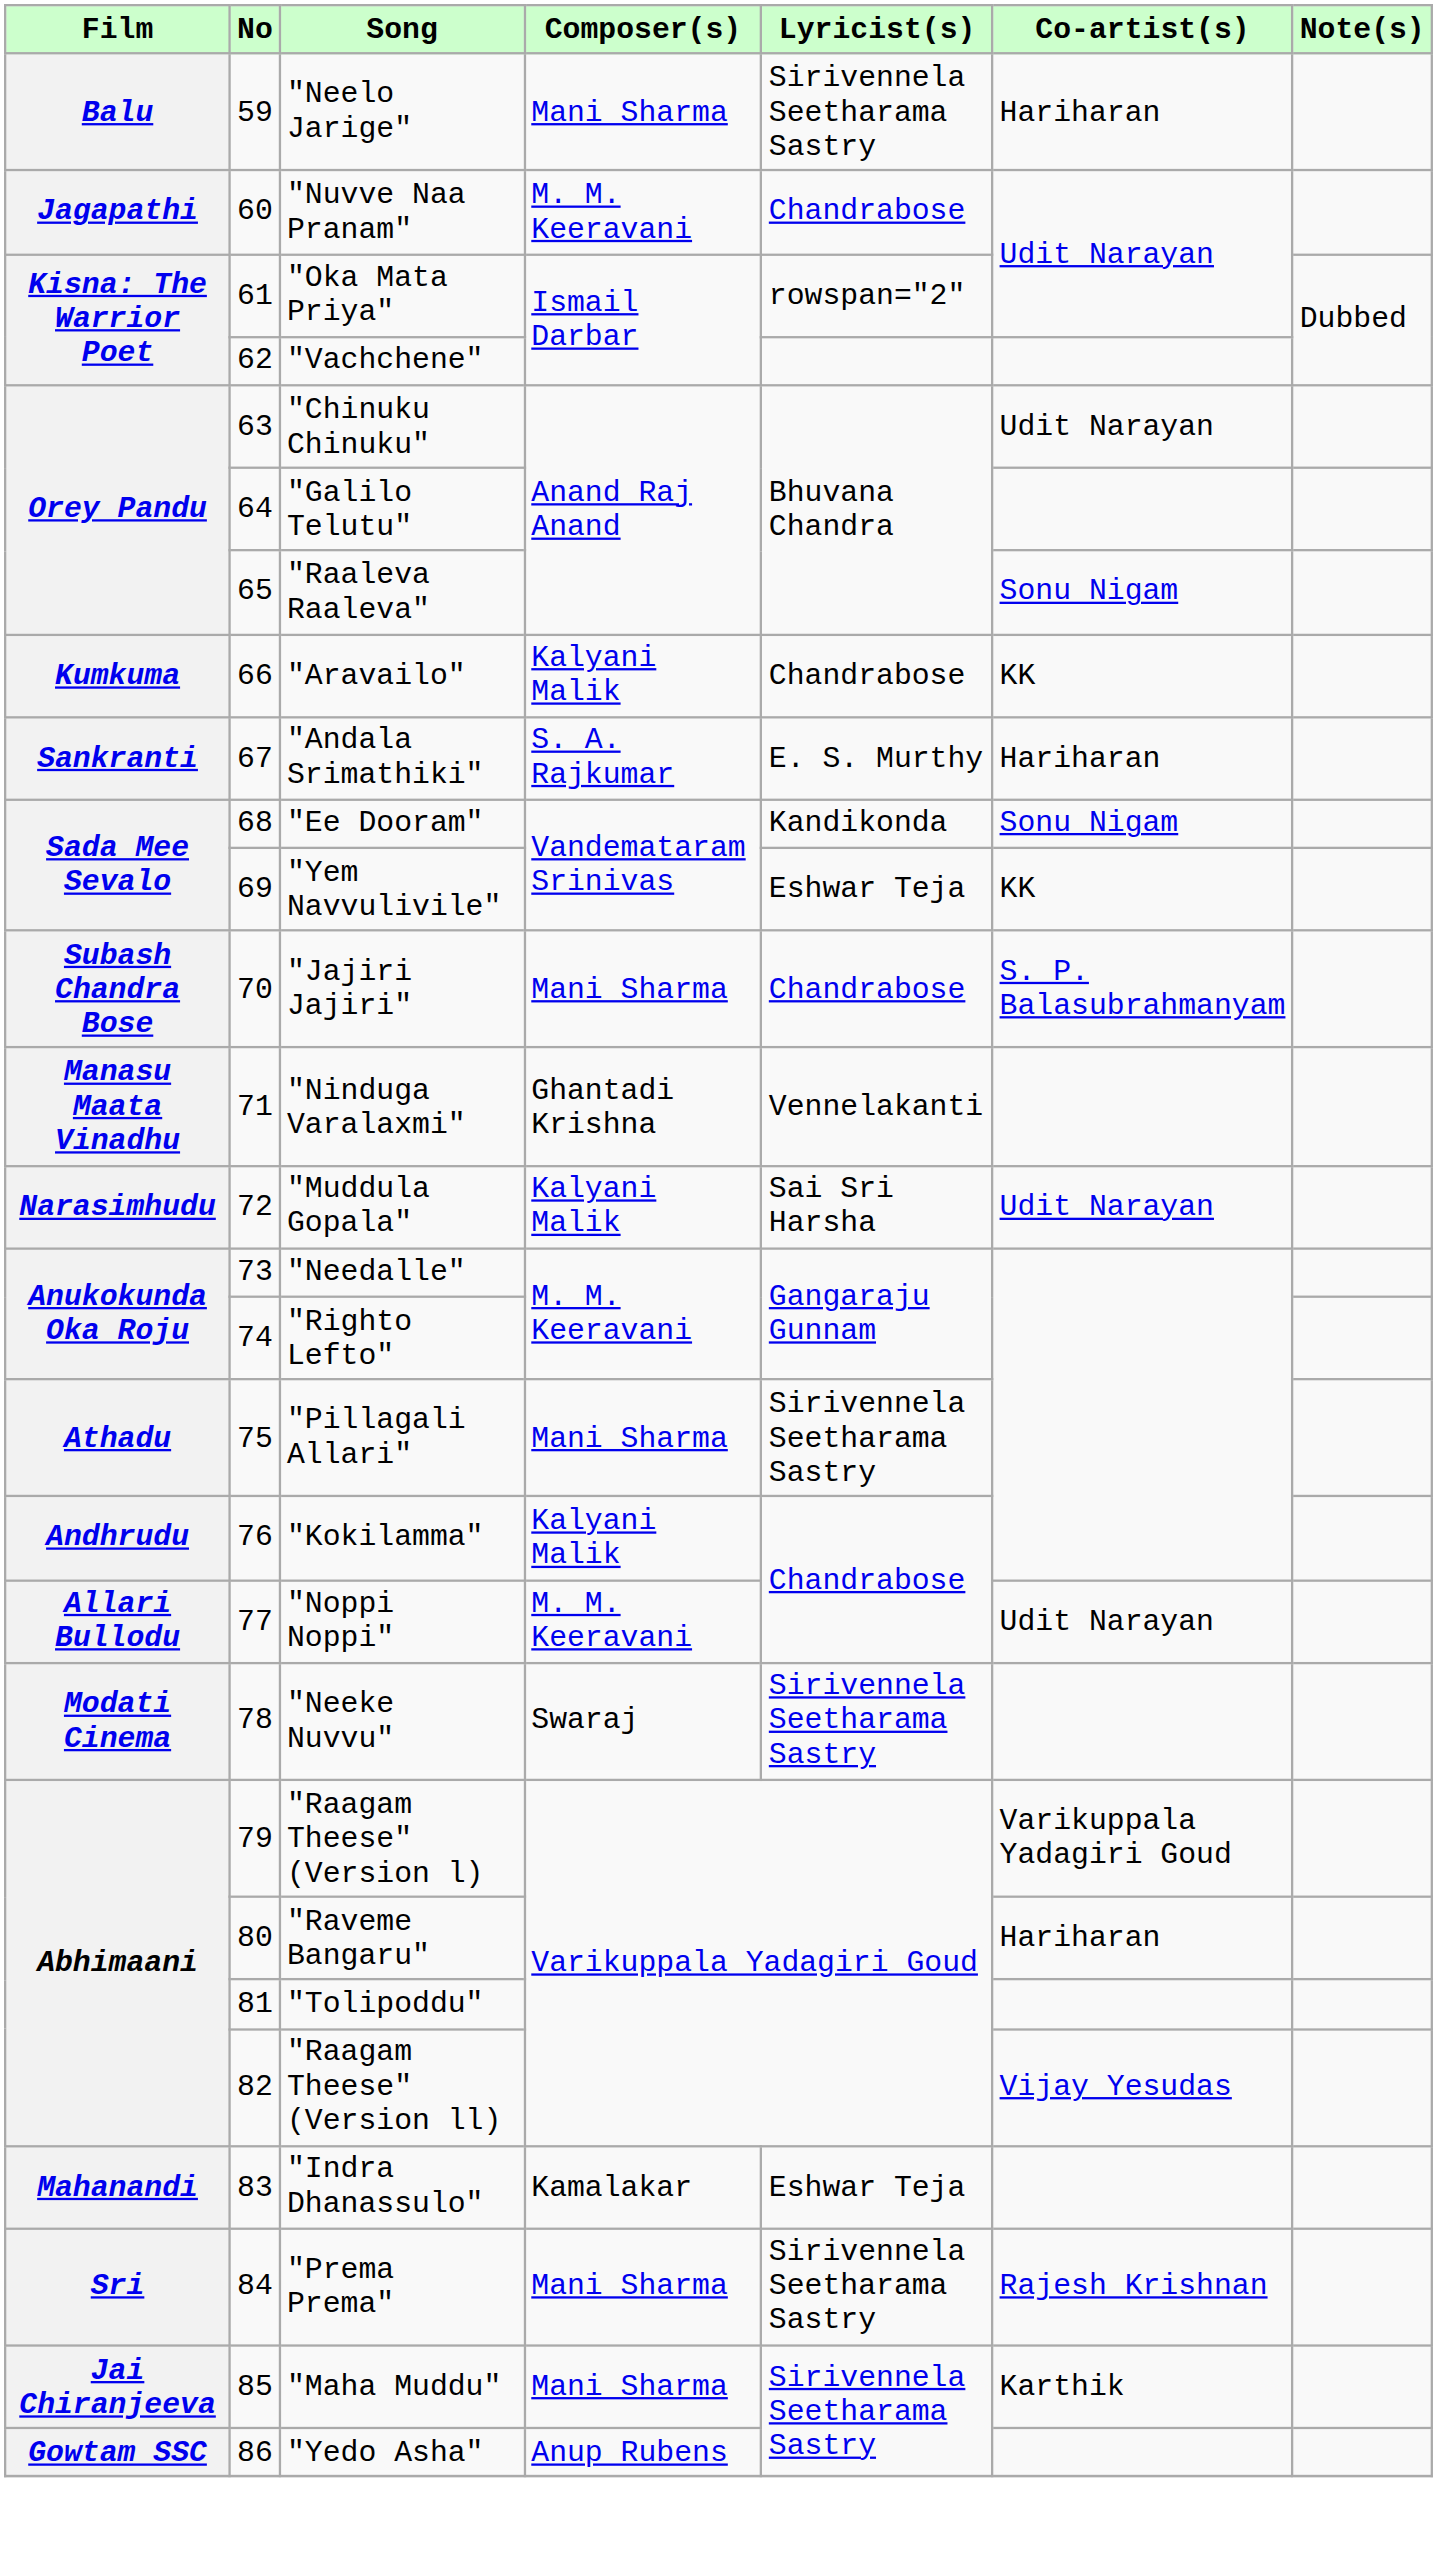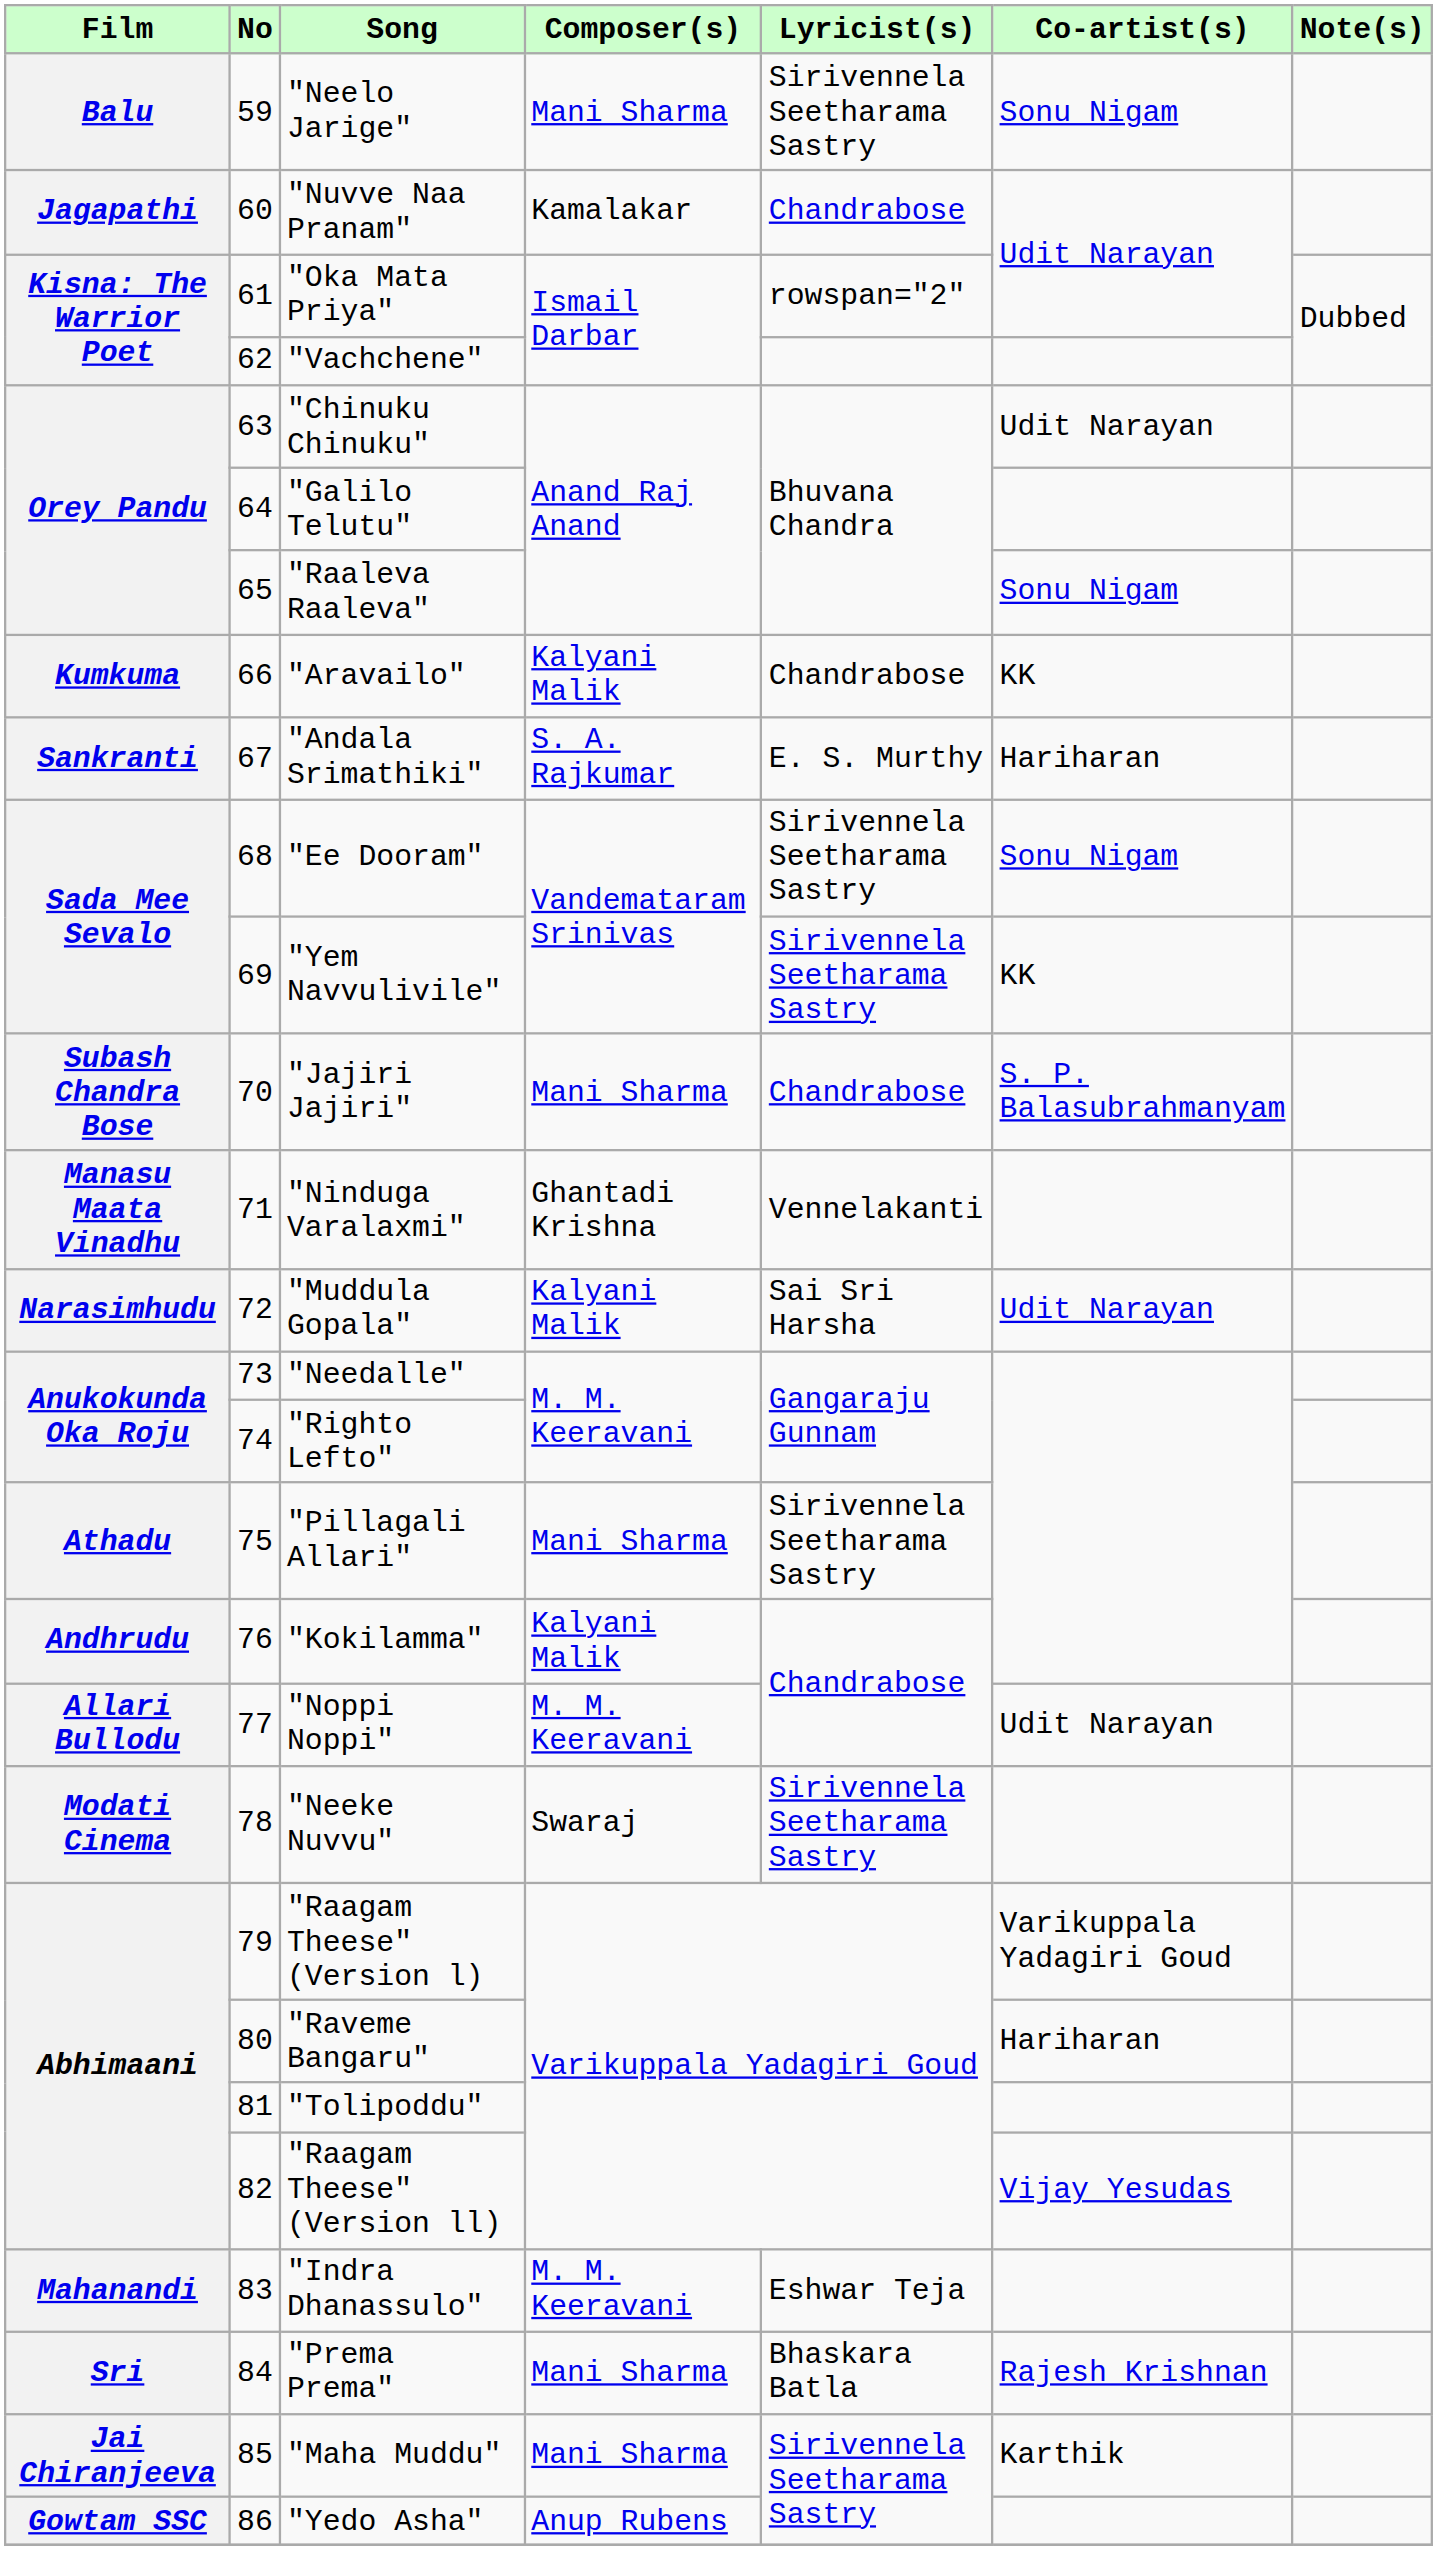 <table class="wikitable plainrowheaders" width="100%" "textcolor:#000;">
 <tr style="background:#cfc; text-align:center;">
 <td scope="col" width=21%><strong>Film</strong></td>
 <td><strong>No</strong></td>
 <td scope="col" width=23%><strong>Song</strong></td>
 <td scope="col" width=20%><strong>Composer(s)</strong></td>
 <td scope="col" width=17%><strong>Lyricist(s)</strong></td>
 <td scope="col" width=18%><strong>Co-artist(s)</strong></td>
 <td><strong>Note(s)</strong></td>
 </tr>
 <tr>
 <th><em><a href='#'>Balu</a></em></th>
 <td>59</td>
 <td>"Neelo Jarige"</td>
 <td><a href='#'>Mani Sharma</a></td>
 <td>Sirivennela Seetharama Sastry</td>
-<td>Hariharan</td>
+<td><a href='#'>Sonu Nigam</a></td>
 <td></td>
 </tr>
 <tr>
 <th><em><a href='#'>Jagapathi</a></em></th>
 <td>60</td>
 <td>"Nuvve Naa Pranam"</td>
-<td><a href='#'>M. M. Keeravani</a></td>
+<td>Kamalakar</td>
 <td><a href='#'>Chandrabose</a></td>
 <td rowspan="2"><a href='#'>Udit Narayan</a></td>
 <td></td>
 </tr>
 <tr>
 <th rowspan="2"><em><a href='#'>Kisna: The Warrior Poet</a></em></th>
 <td>61</td>
 <td>"Oka Mata Priya"</td>
 <td rowspan="2"><a href='#'>Ismail Darbar</a></td>
 <td>rowspan="2" </td>
 <td rowspan="2">Dubbed</td>
 </tr>
 <tr>
 <td>62</td>
 <td>"Vachchene"</td>
 <td></td>
 </tr>
 <tr>
 <th rowspan="3"><em><a href='#'>Orey Pandu</a></em></th>
 <td>63</td>
 <td>"Chinuku Chinuku"</td>
 <td rowspan="3"><a href='#'>Anand Raj Anand</a></td>
 <td rowspan="3">Bhuvana Chandra</td>
 <td>Udit Narayan</td>
 <td></td>
 </tr>
 <tr>
 <td>64</td>
 <td>"Galilo Telutu"</td>
 <td></td>
 <td></td>
 </tr>
 <tr>
 <td>65</td>
 <td>"Raaleva Raaleva"</td>
 <td><a href='#'>Sonu Nigam</a></td>
 <td></td>
 </tr>
 <tr>
 <th><em><a href='#'>Kumkuma</a></em></th>
 <td>66</td>
 <td>"Aravailo"</td>
 <td><a href='#'>Kalyani Malik</a></td>
 <td>Chandrabose</td>
 <td>KK</td>
 <td></td>
 </tr>
 <tr>
 <th><em><a href='#'>Sankranti</a></em></th>
 <td>67</td>
 <td>"Andala Srimathiki"</td>
 <td><a href='#'>S. A. Rajkumar</a></td>
 <td>E. S. Murthy</td>
 <td>Hariharan</td>
 <td></td>
 </tr>
 <tr>
 <th rowspan="2"><em><a href='#'>Sada Mee Sevalo</a></em></th>
 <td>68</td>
 <td>"Ee Dooram"</td>
 <td rowspan="2"><a href='#'>Vandemataram Srinivas</a></td>
-<td>Kandikonda</td>
+<td>Sirivennela Seetharama Sastry</td>
 <td><a href='#'>Sonu Nigam</a></td>
 <td></td>
 </tr>
 <tr>
 <td>69</td>
 <td>"Yem Navvulivile"</td>
-<td>Eshwar Teja</td>
+<td><a href='#'>Sirivennela Seetharama Sastry</a></td>
 <td>KK</td>
 <td></td>
 </tr>
 <tr>
 <th><em><a href='#'>Subash Chandra Bose</a></em></th>
 <td>70</td>
 <td>"Jajiri Jajiri"</td>
 <td><a href='#'>Mani Sharma</a></td>
 <td><a href='#'>Chandrabose</a></td>
 <td><a href='#'>S. P. Balasubrahmanyam</a></td>
 <td></td>
 </tr>
 <tr>
 <th><em><a href='#'>Manasu Maata Vinadhu</a></em></th>
 <td>71</td>
 <td>"Ninduga Varalaxmi"</td>
 <td>Ghantadi Krishna</td>
 <td>Vennelakanti</td>
 <td></td>
 <td></td>
 </tr>
 <tr>
 <th><em><a href='#'>Narasimhudu</a></em></th>
 <td>72</td>
 <td>"Muddula Gopala"</td>
 <td><a href='#'>Kalyani Malik</a></td>
 <td>Sai Sri Harsha</td>
 <td><a href='#'>Udit Narayan</a></td>
 <td></td>
 </tr>
 <tr>
 <th rowspan="2"><em><a href='#'>Anukokunda Oka Roju</a></em></th>
 <td>73</td>
 <td>"Needalle"</td>
 <td rowspan="2"><a href='#'>M. M. Keeravani</a></td>
 <td rowspan="2"><a href='#'>Gangaraju Gunnam</a></td>
 <td rowspan="4"></td>
 <td></td>
 </tr>
 <tr>
 <td>74</td>
 <td>"Righto Lefto"</td>
 <td></td>
 </tr>
 <tr>
 <th><em><a href='#'>Athadu</a></em></th>
 <td>75</td>
 <td>"Pillagali Allari"</td>
 <td><a href='#'>Mani Sharma</a></td>
 <td>Sirivennela Seetharama Sastry</td>
 <td></td>
 </tr>
 <tr>
 <th><em><a href='#'>Andhrudu</a></em></th>
 <td>76</td>
 <td>"Kokilamma"</td>
 <td><a href='#'>Kalyani Malik</a></td>
 <td rowspan="2"><a href='#'>Chandrabose</a></td>
 <td></td>
 </tr>
 <tr>
 <th><em><a href='#'>Allari Bullodu</a></em></th>
 <td>77</td>
 <td>"Noppi Noppi"</td>
 <td><a href='#'>M. M. Keeravani</a></td>
 <td>Udit Narayan</td>
 <td></td>
 </tr>
 <tr>
 <th><em><a href='#'>Modati Cinema</a></em></th>
 <td>78</td>
 <td>"Neeke Nuvvu"</td>
 <td>Swaraj</td>
 <td><a href='#'>Sirivennela Seetharama Sastry</a></td>
 <td></td>
 <td></td>
 </tr>
 <tr>
 <th rowspan="4"><em>Abhimaani</em></th>
 <td>79</td>
 <td>"Raagam Theese"(Version l)</td>
 <td colspan="2" rowspan="4"><a href='#'>Varikuppala Yadagiri Goud</a></td>
 <td>Varikuppala Yadagiri Goud</td>
 <td></td>
 </tr>
 <tr>
 <td>80</td>
 <td>"Raveme Bangaru"</td>
 <td>Hariharan</td>
 <td></td>
 </tr>
 <tr>
 <td>81</td>
 <td>"Tolipoddu"</td>
 <td></td>
 <td></td>
 </tr>
 <tr>
 <td>82</td>
 <td>"Raagam Theese"(Version ll)</td>
 <td><a href='#'>Vijay Yesudas</a></td>
 <td></td>
 </tr>
 <tr>
 <th><em><a href='#'>Mahanandi</a></em></th>
 <td>83</td>
 <td>"Indra Dhanassulo"</td>
-<td>Kamalakar</td>
+<td><a href='#'>M. M. Keeravani</a></td>
 <td>Eshwar Teja</td>
 <td></td>
 <td></td>
 </tr>
 <tr>
 <th><em><a href='#'>Sri</a></em></th>
 <td>84</td>
 <td>"Prema Prema"</td>
 <td><a href='#'>Mani Sharma</a></td>
-<td>Sirivennela Seetharama Sastry</td>
+<td>Bhaskara Batla</td>
 <td><a href='#'>Rajesh Krishnan</a></td>
 <td></td>
 </tr>
 <tr>
 <th><em><a href='#'>Jai Chiranjeeva</a></em></th>
 <td>85</td>
 <td>"Maha Muddu"</td>
 <td><a href='#'>Mani Sharma</a></td>
 <td rowspan="2"><a href='#'>Sirivennela Seetharama Sastry</a></td>
 <td>Karthik</td>
 <td></td>
 </tr>
 <tr>
 <th><em><a href='#'>Gowtam SSC</a></em></th>
 <td>86</td>
 <td>"Yedo Asha"</td>
 <td><a href='#'>Anup Rubens</a></td>
 <td></td>
 <td></td>
 </tr>
 <tr>
 </tr>
 </table>
